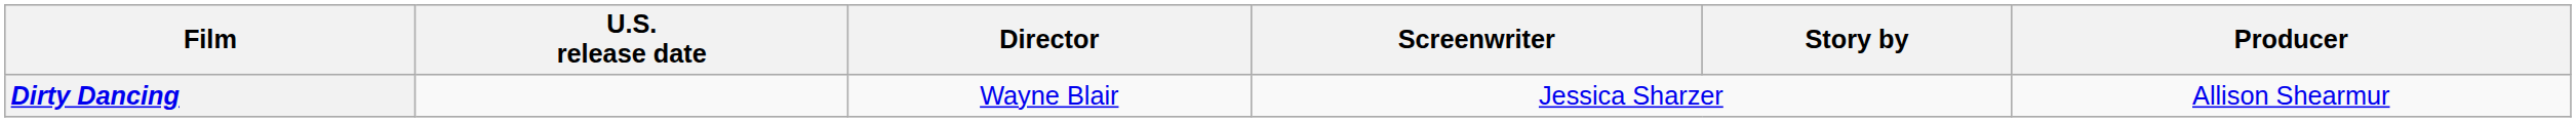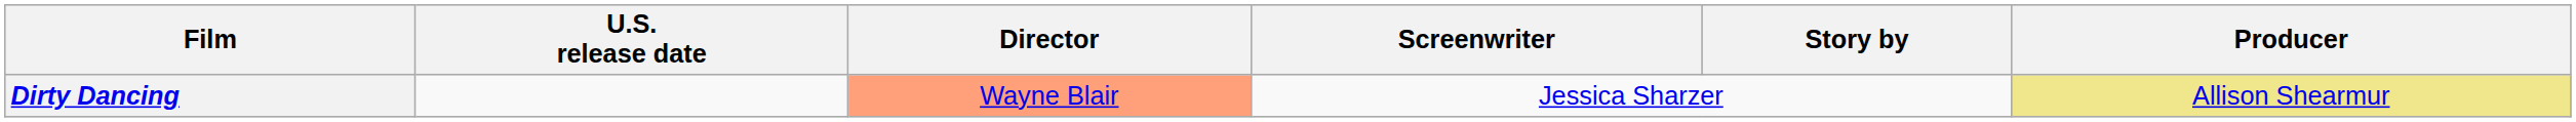 <table class="wikitable plainrowheaders" style="text-align:center" width=100%>
 <tr>
 <th scope="col" style="width:16%;">Film</th>
 <th scope="col">U.S. <br>release date</th>
 <th scope="col">Director</th>
 <th scope="col">Screenwriter</th>
 <th scope="col">Story by</th>
 <th scope="col">Producer</th>
 </tr>
 <tr>
 <th scope="row" style="text-align:left"><em><a href='#'>Dirty Dancing</a></em></th>
 <td style="text-align:center"></td>
-<td><a href='#'>Wayne Blair</a></td>
+<td style="background: lightsalmon;"><a href='#'>Wayne Blair</a></td>
 <td colspan="2"><a href='#'>Jessica Sharzer</a></td>
-<td><a href='#'>Allison Shearmur</a></td>
+<td style="background: khaki;"><a href='#'>Allison Shearmur</a></td>
 </tr>
 </table>
